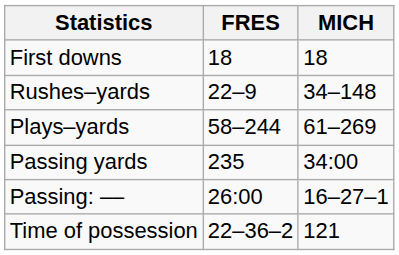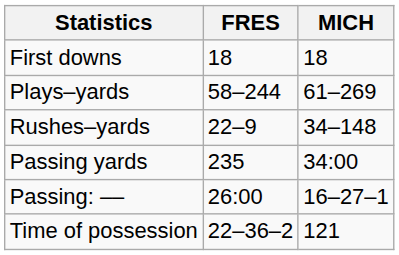 <table class="wikitable" style="float:left">
 <tr>
 <th>Statistics</th>
 <th>FRES</th>
 <th>MICH</th>
 </tr>
 <tr>
 <td>First downs</td>
 <td>18</td>
 <td>18</td>
 </tr>
 <tr>
+<td>Plays–yards</td>
+<td>58–244</td>
+<td>61–269</td>
+</tr>
+<tr>
 <td>Rushes–yards</td>
 <td>22–9</td>
 <td>34–148</td>
-</tr>
-<tr>
-<td>Plays–yards</td>
-<td>58–244</td>
-<td>61–269</td>
 </tr>
 <tr>
 <td>Passing yards</td>
 <td>235</td>
 <td>34:00</td>
 </tr>
 <tr>
 <td>Passing: ––</td>
 <td>26:00</td>
 <td>16–27–1</td>
 </tr>
 <tr>
 <td>Time of possession</td>
 <td>22–36–2</td>
 <td>121</td>
 </tr>
 </table>
